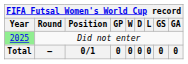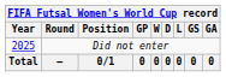 <table class="wikitable" style="text-align: center;font-size:90%;">
 <tr>
 <th colspan=9><a href='#'>FIFA Futsal Women's World Cup</a> record</th>
 </tr>
 <tr>
 <th>Year</th>
 <th>Round</th>
 <th>Position</th>
 <th>GP</th>
 <th>W</th>
 <th>D</th>
 <th>L</th>
 <th>GS</th>
 <th>GA</th>
 </tr>
 <tr>
-<td style="background: lightgreen;"> <a href='#'>2025</a></td>
+<td> <a href='#'>2025</a></td>
 <td colspan=8><em>Did not enter</em></td>
 </tr>
 <tr>
 <th><strong>Total</strong></th>
 <th>–</th>
 <th><strong>0/1</strong></th>
 <th><strong>0</strong></th>
 <th><strong>0</strong></th>
 <th><strong>0</strong></th>
 <th><strong>0</strong></th>
 <th><strong>0</strong></th>
 <th><strong>0</strong></th>
 </tr>
 </table>
